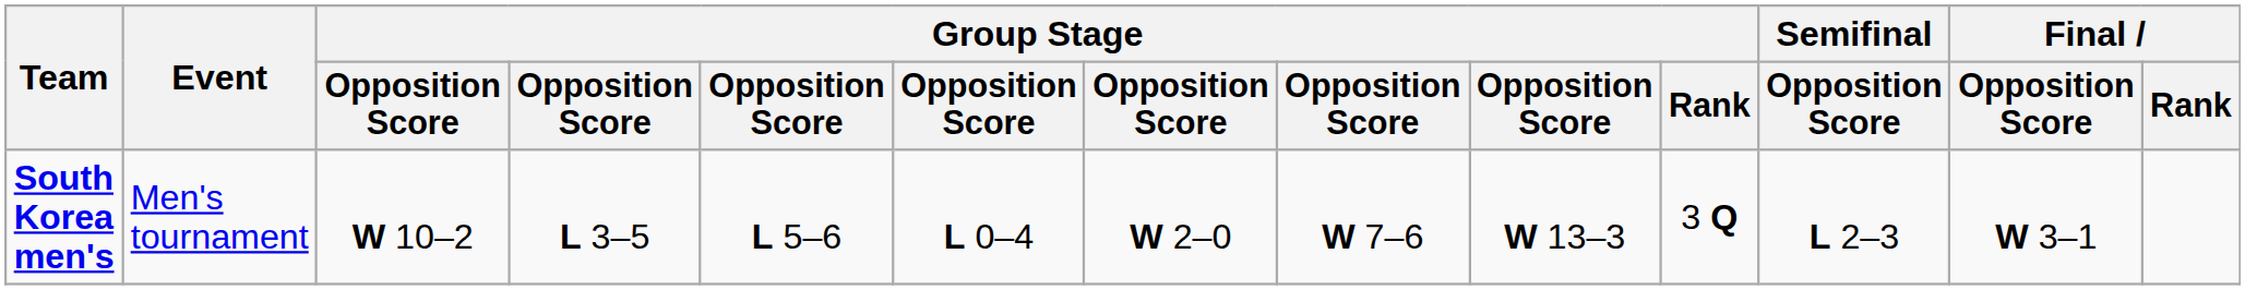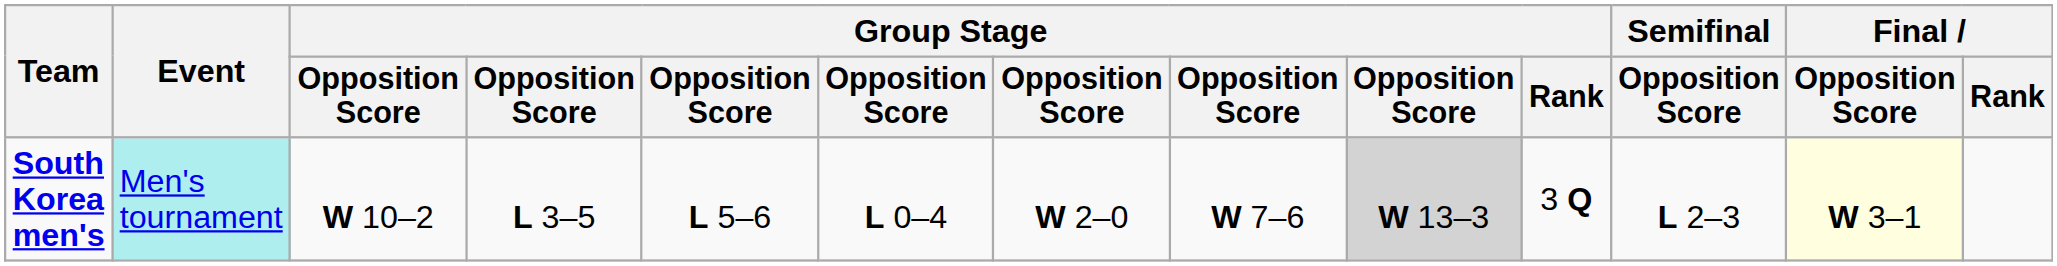 <table class="wikitable" style="font-size:90%">
 <tr>
 <th rowspan=2>Team</th>
 <th rowspan=2>Event</th>
 <th colspan=8>Group Stage</th>
 <th>Semifinal</th>
 <th colspan=2>Final / </th>
 </tr>
 <tr style="font-size:95%">
 <th>Opposition<br>Score</th>
 <th>Opposition<br>Score</th>
 <th>Opposition<br>Score</th>
 <th>Opposition<br>Score</th>
 <th>Opposition<br>Score</th>
 <th>Opposition<br>Score</th>
 <th>Opposition<br>Score</th>
 <th>Rank</th>
 <th>Opposition<br>Score</th>
 <th>Opposition<br>Score</th>
 <th>Rank</th>
 </tr>
 <tr style="text-align: center;">
 <td style="text-align: left;"><strong><a href='#'>South Korea men's</a></strong></td>
-<td style="text-align: left;"><a href='#'>Men's tournament</a></td>
+<td style="background: paleturquoise; text-align: left;"><a href='#'>Men's tournament</a></td>
 <td><br><strong>W</strong> 10–2</td>
 <td><br><strong>L</strong> 3–5</td>
 <td><br><strong>L</strong> 5–6</td>
 <td><br><strong>L</strong> 0–4</td>
 <td><br><strong>W</strong> 2–0</td>
 <td><br><strong>W</strong> 7–6</td>
-<td><br><strong>W</strong> 13–3</td>
+<td style="background: lightgrey;"><br><strong>W</strong> 13–3</td>
 <td>3 <strong>Q</strong></td>
 <td><br><strong>L</strong> 2–3</td>
-<td><br><strong>W</strong> 3–1</td>
+<td style="background: lightyellow;"><br><strong>W</strong> 3–1</td>
 <td></td>
 </tr>
 </table>
